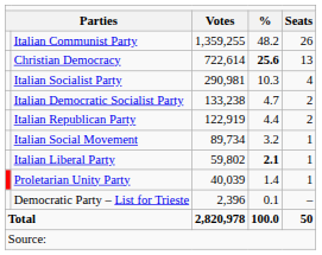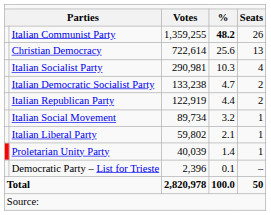 <table class="wikitable" style="font-size:100%">
 <tr>
 <td colspan=5></td>
 </tr>
 <tr bgcolor="EFEFEF">
 <th colspan=2>Parties</th>
 <th>Votes</th>
 <th>%</th>
 <th>Seats</th>
 </tr>
 <tr>
 <td></td>
 <td><a href='#'>Italian Communist Party</a></td>
 <td align=right>1,359,255</td>
-<td align=right>48.2</td>
+<td align=right><strong>48.2</strong></td>
 <td align=right>26</td>
 </tr>
 <tr>
 <td></td>
 <td><a href='#'>Christian Democracy</a></td>
 <td align=right>722,614</td>
-<td align=right><strong>25.6</strong></td>
+<td align=right>25.6</td>
 <td align=right>13</td>
 </tr>
 <tr>
 <td></td>
 <td><a href='#'>Italian Socialist Party</a></td>
 <td align=right>290,981</td>
 <td align=right>10.3</td>
 <td align=right>4</td>
 </tr>
 <tr>
 <td></td>
 <td><a href='#'>Italian Democratic Socialist Party</a></td>
 <td align=right>133,238</td>
 <td align=right>4.7</td>
 <td align=right>2</td>
 </tr>
 <tr>
 <td></td>
 <td><a href='#'>Italian Republican Party</a></td>
 <td align=right>122,919</td>
 <td align=right>4.4</td>
 <td align=right>2</td>
 </tr>
 <tr>
 <td></td>
 <td><a href='#'>Italian Social Movement</a></td>
 <td align=right>89,734</td>
 <td align=right>3.2</td>
 <td align=right>1</td>
 </tr>
 <tr>
 <td></td>
 <td><a href='#'>Italian Liberal Party</a></td>
 <td align=right>59,802</td>
-<td align=right><strong>2.1</strong></td>
+<td align=right>2.1</td>
 <td align=right>1</td>
 </tr>
 <tr>
 <td bgcolor="red"></td>
 <td><a href='#'>Proletarian Unity Party</a></td>
 <td align=right>40,039</td>
 <td align=right>1.4</td>
 <td align=right>1</td>
 </tr>
 <tr>
 <td></td>
 <td>Democratic Party – <a href='#'>List for Trieste</a></td>
 <td align=right>2,396</td>
 <td align=right>0.1</td>
 <td align=right>–</td>
 </tr>
 <tr>
 <td colspan=2><strong>Total</strong></td>
 <td align=right><strong>2,820,978</strong></td>
 <td align=right><strong>100.0</strong></td>
 <td align=right><strong>50</strong></td>
 </tr>
 <tr>
 <td colspan=5>Source: </td>
 </tr>
 </table>
